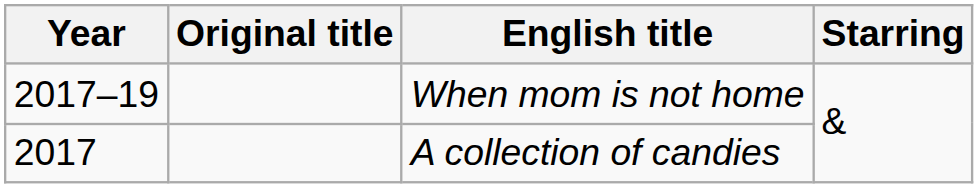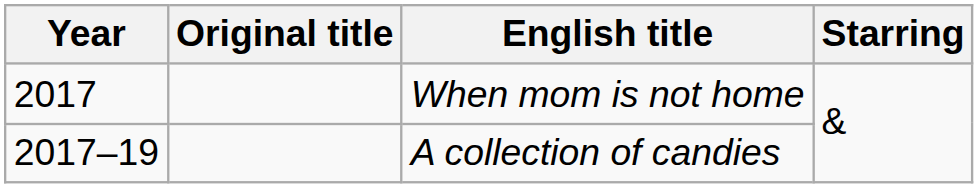 <table class="sortable wikitable">
 <tr>
 <th>Year</th>
 <th>Original title</th>
 <th>English title</th>
 <th>Starring</th>
 </tr>
 <tr>
-<td>2017–19</td>
+<td>2017</td>
 <td><em></em></td>
 <td><em>When mom is not home</em></td>
 <td rowspan="2"><em></em> & <em></em></td>
 </tr>
 <tr>
-<td>2017</td>
+<td>2017–19</td>
 <td><em></em></td>
 <td><em>A collection of candies</em></td>
 </tr>
 </table>
